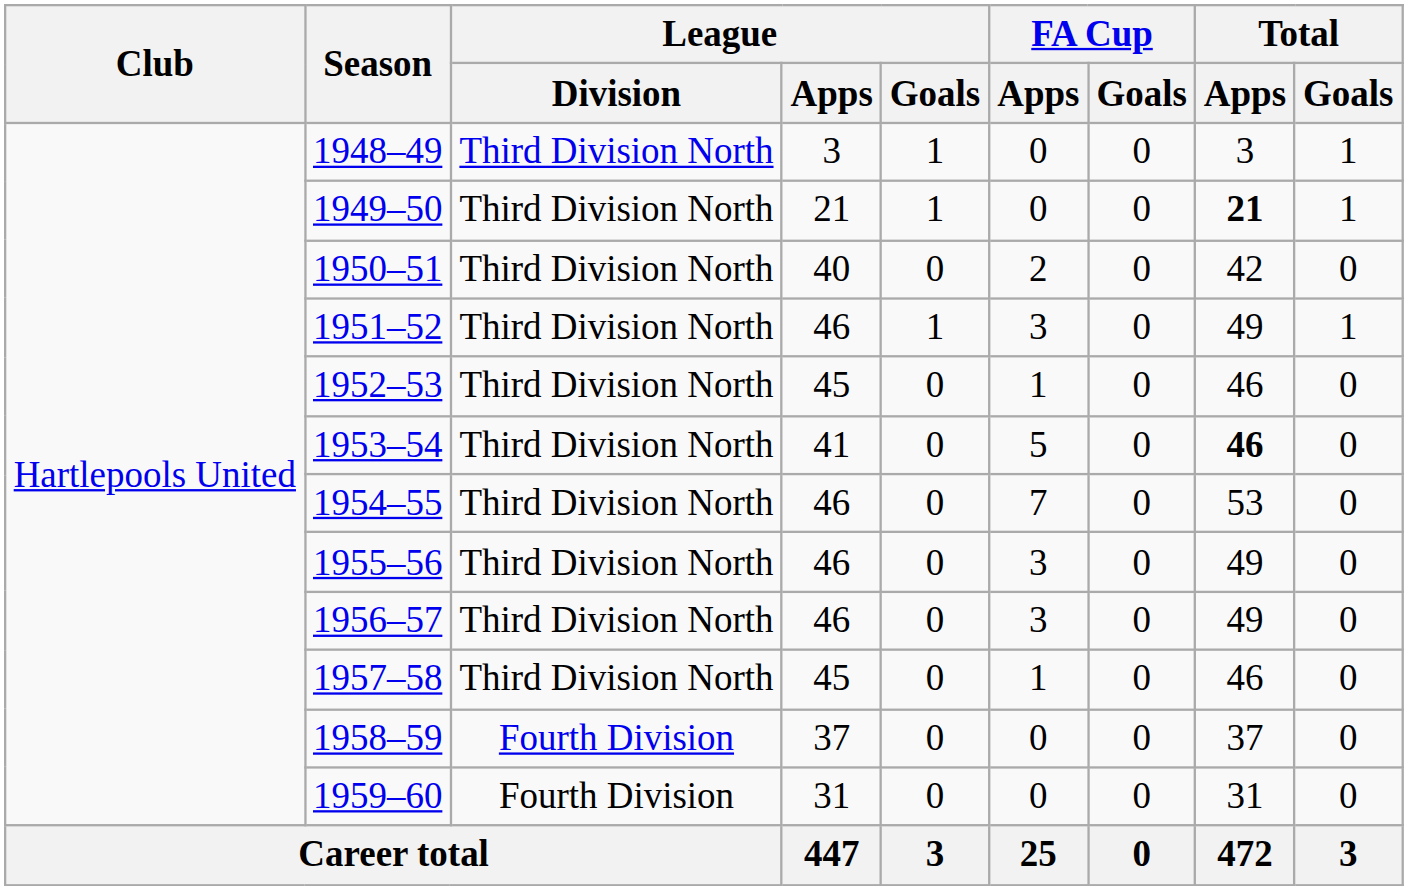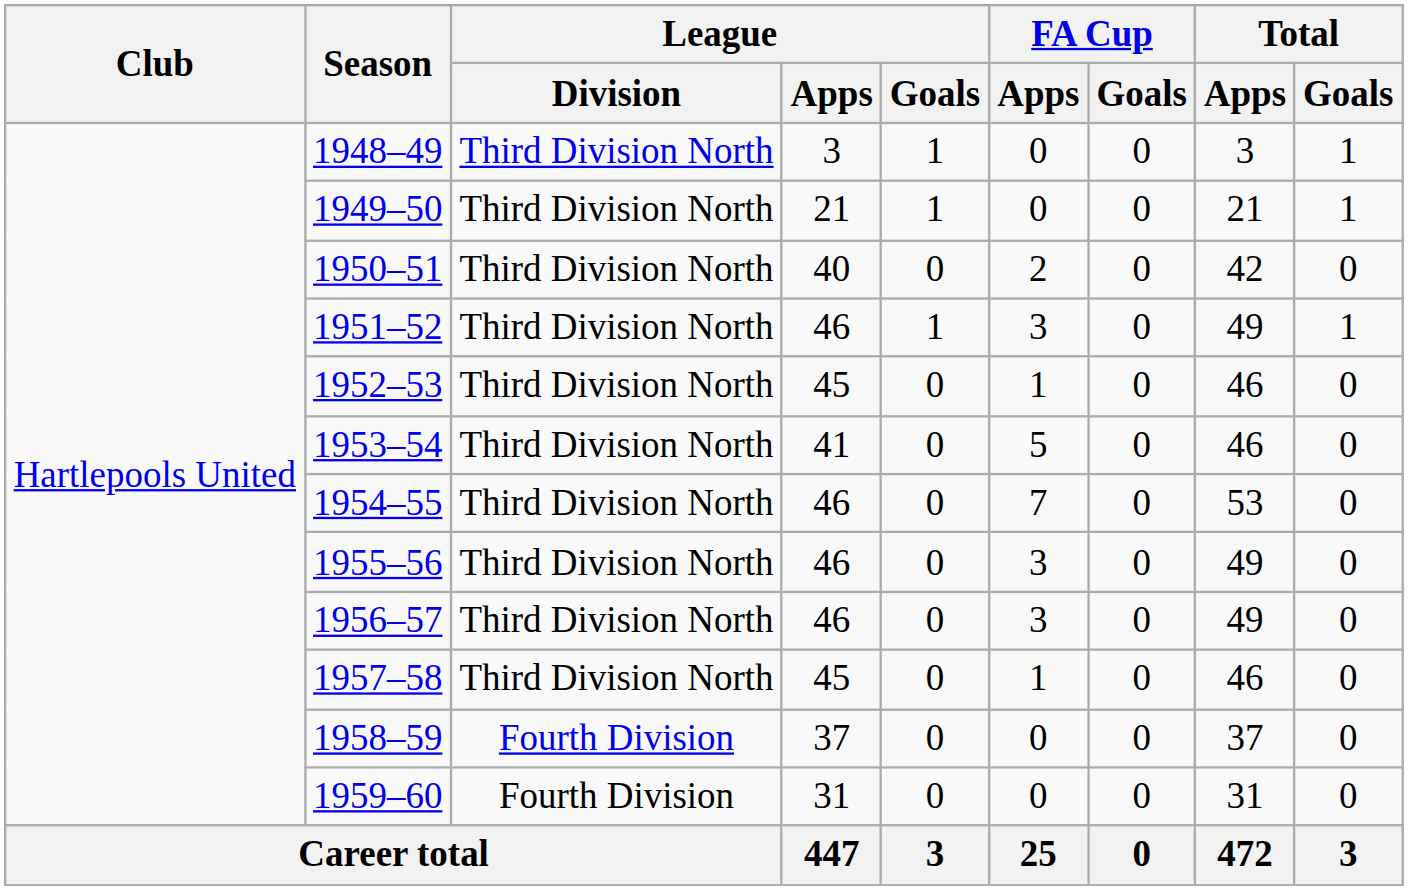 <table class="wikitable" style="text-align: center">
 <tr>
 <th rowspan="2">Club</th>
 <th rowspan="2">Season</th>
 <th colspan="3">League</th>
 <th colspan="2"><a href='#'>FA Cup</a></th>
 <th colspan="2">Total</th>
 </tr>
 <tr>
 <th>Division</th>
 <th>Apps</th>
 <th>Goals</th>
 <th>Apps</th>
 <th>Goals</th>
 <th>Apps</th>
 <th>Goals</th>
 </tr>
 <tr>
 <td rowspan="12"><a href='#'>Hartlepools United</a></td>
 <td><a href='#'>1948–49</a></td>
 <td><a href='#'>Third Division North</a></td>
 <td>3</td>
 <td>1</td>
 <td>0</td>
 <td>0</td>
 <td>3</td>
 <td>1</td>
 </tr>
 <tr>
 <td><a href='#'>1949–50</a></td>
 <td>Third Division North</td>
 <td>21</td>
 <td>1</td>
 <td>0</td>
 <td>0</td>
-<td><strong>21</strong></td>
+<td>21</td>
 <td>1</td>
 </tr>
 <tr>
 <td><a href='#'>1950–51</a></td>
 <td>Third Division North</td>
 <td>40</td>
 <td>0</td>
 <td>2</td>
 <td>0</td>
 <td>42</td>
 <td>0</td>
 </tr>
 <tr>
 <td><a href='#'>1951–52</a></td>
 <td>Third Division North</td>
 <td>46</td>
 <td>1</td>
 <td>3</td>
 <td>0</td>
 <td>49</td>
 <td>1</td>
 </tr>
 <tr>
 <td><a href='#'>1952–53</a></td>
 <td>Third Division North</td>
 <td>45</td>
 <td>0</td>
 <td>1</td>
 <td>0</td>
 <td>46</td>
 <td>0</td>
 </tr>
 <tr>
 <td><a href='#'>1953–54</a></td>
 <td>Third Division North</td>
 <td>41</td>
 <td>0</td>
 <td>5</td>
 <td>0</td>
-<td><strong>46</strong></td>
+<td>46</td>
 <td>0</td>
 </tr>
 <tr>
 <td><a href='#'>1954–55</a></td>
 <td>Third Division North</td>
 <td>46</td>
 <td>0</td>
 <td>7</td>
 <td>0</td>
 <td>53</td>
 <td>0</td>
 </tr>
 <tr>
 <td><a href='#'>1955–56</a></td>
 <td>Third Division North</td>
 <td>46</td>
 <td>0</td>
 <td>3</td>
 <td>0</td>
 <td>49</td>
 <td>0</td>
 </tr>
 <tr>
 <td><a href='#'>1956–57</a></td>
 <td>Third Division North</td>
 <td>46</td>
 <td>0</td>
 <td>3</td>
 <td>0</td>
 <td>49</td>
 <td>0</td>
 </tr>
 <tr>
 <td><a href='#'>1957–58</a></td>
 <td>Third Division North</td>
 <td>45</td>
 <td>0</td>
 <td>1</td>
 <td>0</td>
 <td>46</td>
 <td>0</td>
 </tr>
 <tr>
 <td><a href='#'>1958–59</a></td>
 <td><a href='#'>Fourth Division</a></td>
 <td>37</td>
 <td>0</td>
 <td>0</td>
 <td>0</td>
 <td>37</td>
 <td>0</td>
 </tr>
 <tr>
 <td><a href='#'>1959–60</a></td>
 <td>Fourth Division</td>
 <td>31</td>
 <td>0</td>
 <td>0</td>
 <td>0</td>
 <td>31</td>
 <td>0</td>
 </tr>
 <tr>
 <th colspan="3">Career total</th>
 <th>447</th>
 <th>3</th>
 <th>25</th>
 <th>0</th>
 <th>472</th>
 <th>3</th>
 </tr>
 </table>
